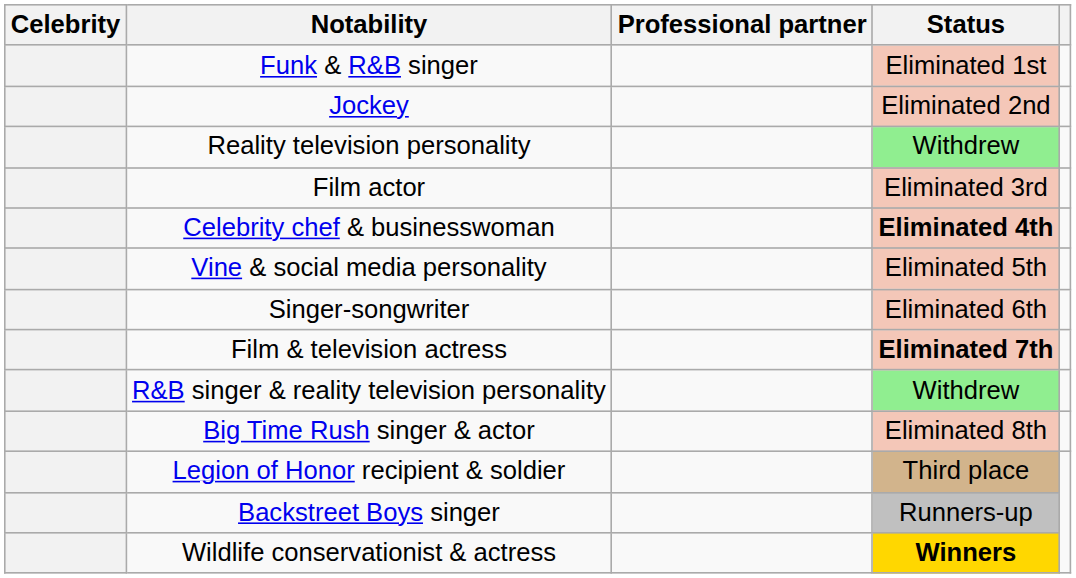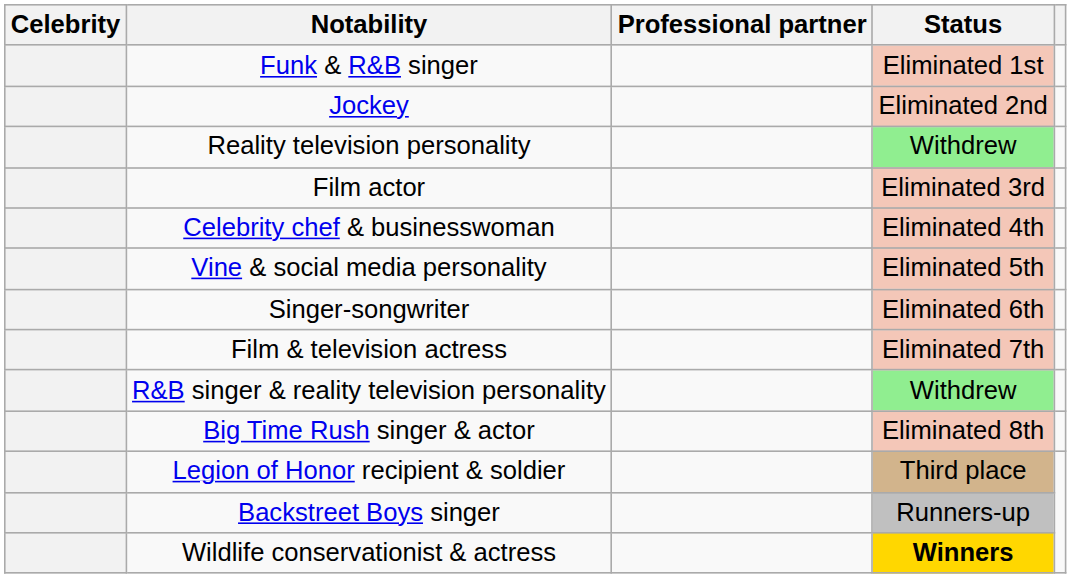 <table class="wikitable sortable" style="text-align:center;">
 <tr>
 <th scope="col">Celebrity</th>
 <th scope="col" class="unsortable">Notability</th>
 <th scope="col">Professional partner</th>
 <th scope="col">Status</th>
 <th scope="col" class="unsortable"></th>
 </tr>
 <tr>
 <th scope="row"></th>
 <td><a href='#'>Funk</a> & <a href='#'>R&B</a> singer</td>
 <td></td>
 <td style="background:#f4c7b8;">Eliminated 1st<br></td>
 <td></td>
 </tr>
 <tr>
 <th scope="row"></th>
 <td><a href='#'>Jockey</a></td>
 <td></td>
 <td style="background:#f4c7b8;">Eliminated 2nd<br></td>
 <td></td>
 </tr>
 <tr>
 <th scope="row"></th>
 <td>Reality television personality</td>
 <td></td>
 <td style="background:lightgreen;">Withdrew<br></td>
 <td></td>
 </tr>
 <tr>
 <th scope="row"></th>
 <td>Film actor</td>
 <td></td>
 <td style="background:#f4c7b8;">Eliminated 3rd<br></td>
 <td></td>
 </tr>
 <tr>
 <th scope="row"></th>
 <td><a href='#'>Celebrity chef</a> & businesswoman</td>
 <td><br><em></em></td>
-<td style="background:#f4c7b8;"><strong>Eliminated 4th<br></strong></td>
+<td style="background:#f4c7b8;">Eliminated 4th<br></td>
 <td></td>
 </tr>
 <tr>
 <th scope="row"></th>
 <td><a href='#'>Vine</a> & social media personality</td>
 <td><br><em></em></td>
 <td style="background:#f4c7b8;">Eliminated 5th<br></td>
 <td></td>
 </tr>
 <tr>
 <th scope="row"></th>
 <td>Singer-songwriter</td>
 <td><br><em></em></td>
 <td style="background:#f4c7b8;">Eliminated 6th<br></td>
 <td></td>
 </tr>
 <tr>
 <th scope="row"></th>
 <td>Film & television actress</td>
 <td><br><em></em></td>
-<td style="background:#f4c7b8;"><strong>Eliminated 7th<br></strong></td>
+<td style="background:#f4c7b8;">Eliminated 7th<br></td>
 <td></td>
 </tr>
 <tr>
 <th scope="row"></th>
 <td><a href='#'>R&B</a> singer & reality television personality</td>
 <td><br><em></em></td>
 <td style="background:lightgreen;">Withdrew<br></td>
 <td></td>
 </tr>
 <tr>
 <th scope="row"></th>
 <td><a href='#'>Big Time Rush</a> singer & actor</td>
 <td><br><em></em></td>
 <td style="background:#f4c7b8;">Eliminated 8th<br></td>
 <td></td>
 </tr>
 <tr>
 <th scope="row"></th>
 <td><a href='#'>Legion of Honor</a> recipient & soldier</td>
 <td><br><em></em></td>
 <td style="background:tan;">Third place<br></td>
 <td rowspan=3></td>
 </tr>
 <tr>
 <th scope="row"></th>
 <td><a href='#'>Backstreet Boys</a> singer</td>
 <td><br><em></em></td>
 <td style="background:silver;">Runners-up<br></td>
 </tr>
 <tr>
 <th scope="row"></th>
 <td>Wildlife conservationist & actress</td>
 <td><br><em></em></td>
 <td style="background:gold;"><strong>Winners</strong><br></td>
 </tr>
 </table>
